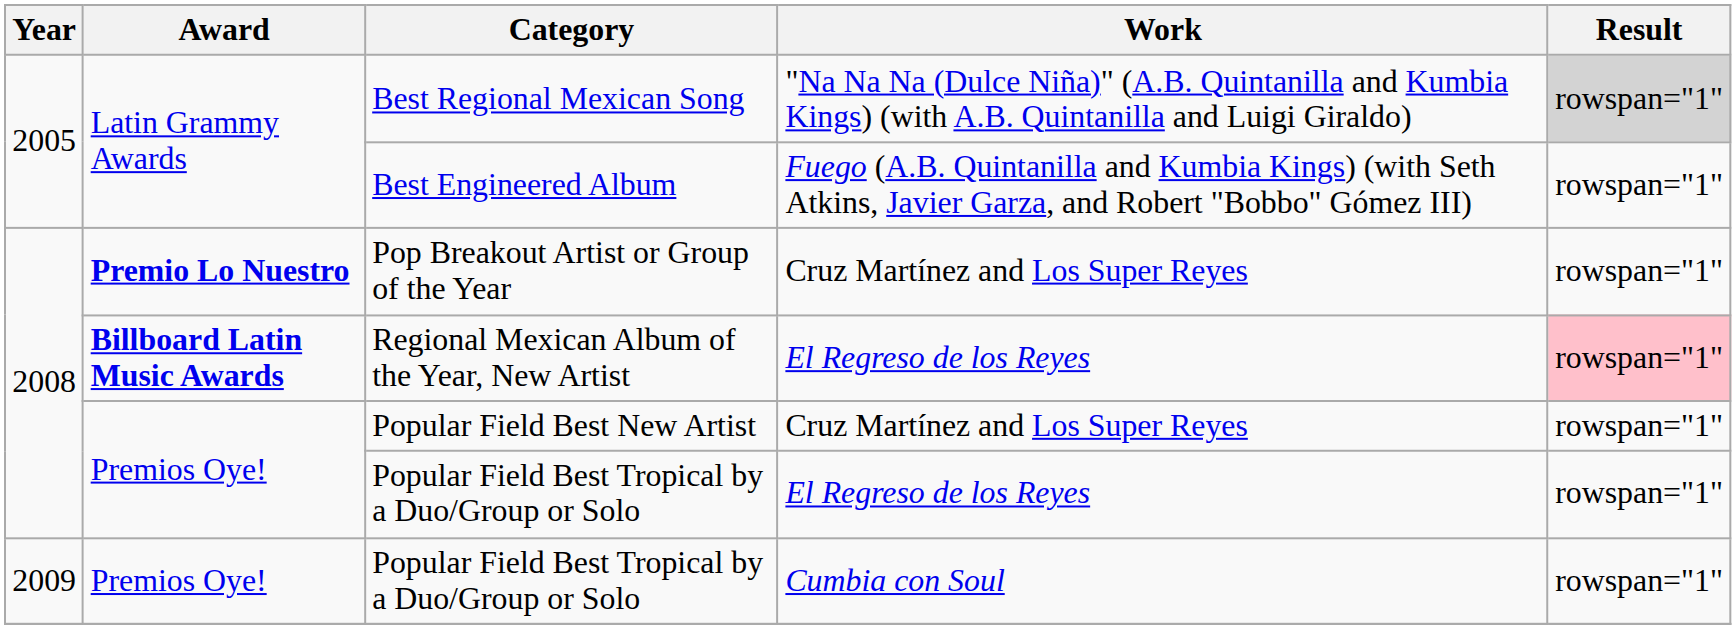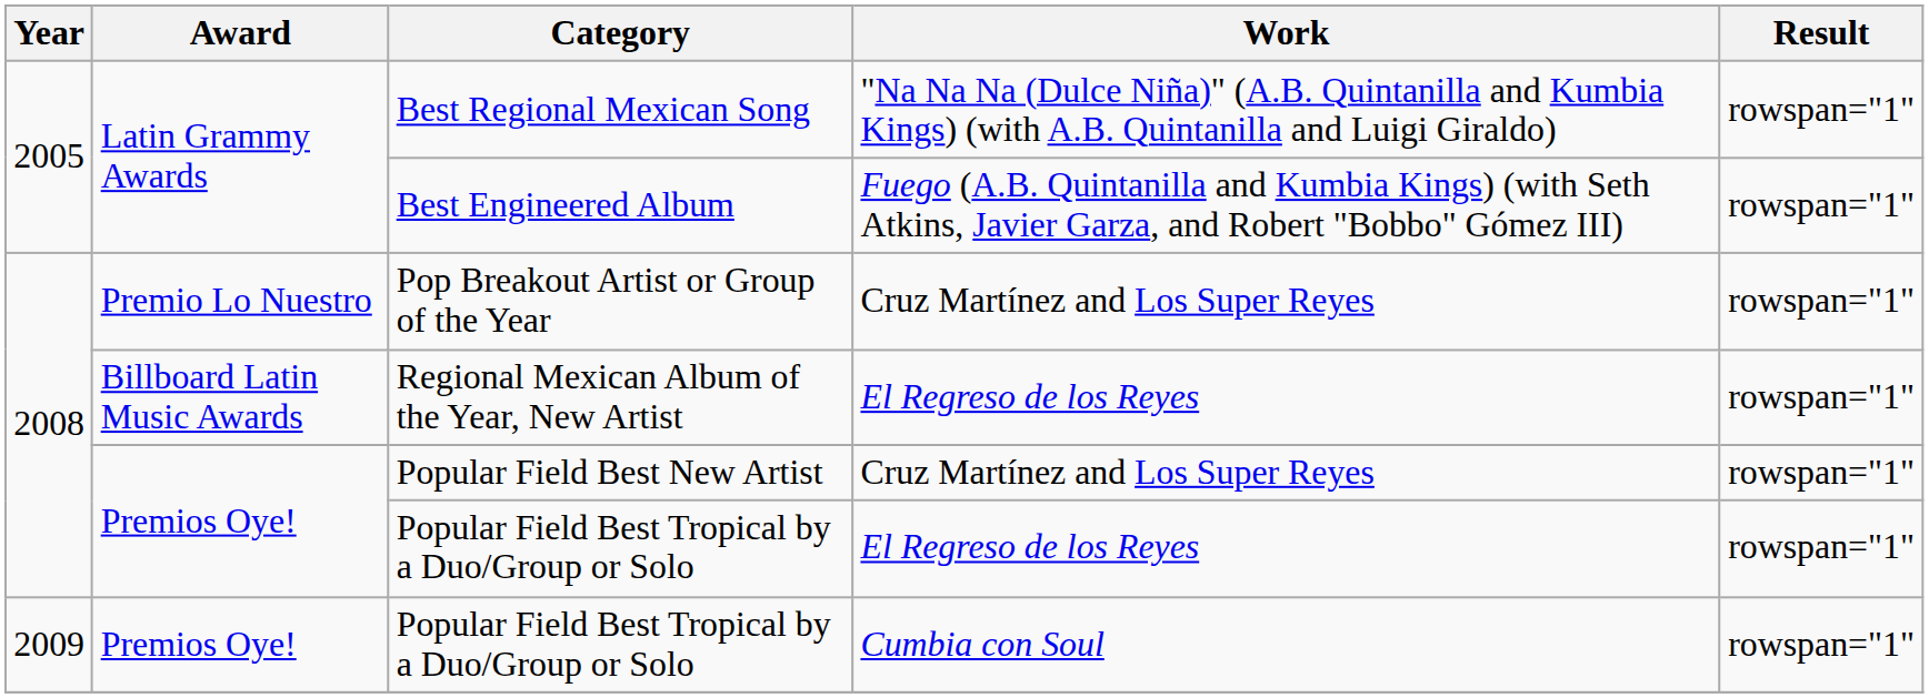 <table class="wikitable">
 <tr>
 <th scope="col">Year</th>
 <th scope="col">Award</th>
 <th>Category</th>
 <th scope="col">Work</th>
 <th scope="col">Result</th>
 </tr>
 <tr>
 <td rowspan="2" style="text-align:center;">2005</td>
 <td rowspan="2"><a href='#'>Latin Grammy Awards</a></td>
 <td><a href='#'>Best Regional Mexican Song</a></td>
 <td rowspan="1">"<a href='#'>Na Na Na (Dulce Niña)</a>" (<a href='#'>A.B. Quintanilla</a> and <a href='#'>Kumbia Kings</a>) (with <a href='#'>A.B. Quintanilla</a> and Luigi Giraldo)</td>
-<td style="background: lightgrey;">rowspan="1" </td>
+<td>rowspan="1" </td>
 </tr>
 <tr>
 <td><a href='#'>Best Engineered Album</a></td>
 <td rowspan="1"><em><a href='#'>Fuego</a></em> (<a href='#'>A.B. Quintanilla</a> and <a href='#'>Kumbia Kings</a>) (with Seth Atkins, <a href='#'>Javier Garza</a>, and Robert "Bobbo" Gómez III)</td>
 <td>rowspan="1" </td>
 </tr>
 <tr>
 <td rowspan="4" style="text-align:center;">2008</td>
-<td rowspan="1"><strong><a href='#'>Premio Lo Nuestro</a></strong></td>
+<td rowspan="1"><a href='#'>Premio Lo Nuestro</a></td>
 <td>Pop Breakout Artist or Group of the Year</td>
 <td rowspan="1">Cruz Martínez and <a href='#'>Los Super Reyes</a></td>
 <td>rowspan="1" </td>
 </tr>
 <tr>
-<td rowspan="1"><strong><a href='#'>Billboard Latin Music Awards</a></strong></td>
+<td rowspan="1"><a href='#'>Billboard Latin Music Awards</a></td>
 <td>Regional Mexican Album of the Year, New Artist</td>
 <td rowspan="1"><em><a href='#'>El Regreso de los Reyes</a></em></td>
-<td style="background: pink;">rowspan="1" </td>
+<td>rowspan="1" </td>
 </tr>
 <tr>
 <td rowspan="2"><a href='#'>Premios Oye!</a></td>
 <td>Popular Field Best New Artist</td>
 <td rowspan="1">Cruz Martínez and <a href='#'>Los Super Reyes</a></td>
 <td>rowspan="1" </td>
 </tr>
 <tr>
 <td>Popular Field Best Tropical by a Duo/Group or Solo</td>
 <td rowspan="1"><em><a href='#'>El Regreso de los Reyes</a></em></td>
 <td>rowspan="1" </td>
 </tr>
 <tr>
 <td rowspan="1" style="text-align:center;">2009</td>
 <td rowspan="1"><a href='#'>Premios Oye!</a></td>
 <td>Popular Field Best Tropical by a Duo/Group or Solo</td>
 <td rowspan="1"><em><a href='#'>Cumbia con Soul</a></em></td>
 <td>rowspan="1" </td>
 </tr>
 <tr>
 </tr>
 </table>
